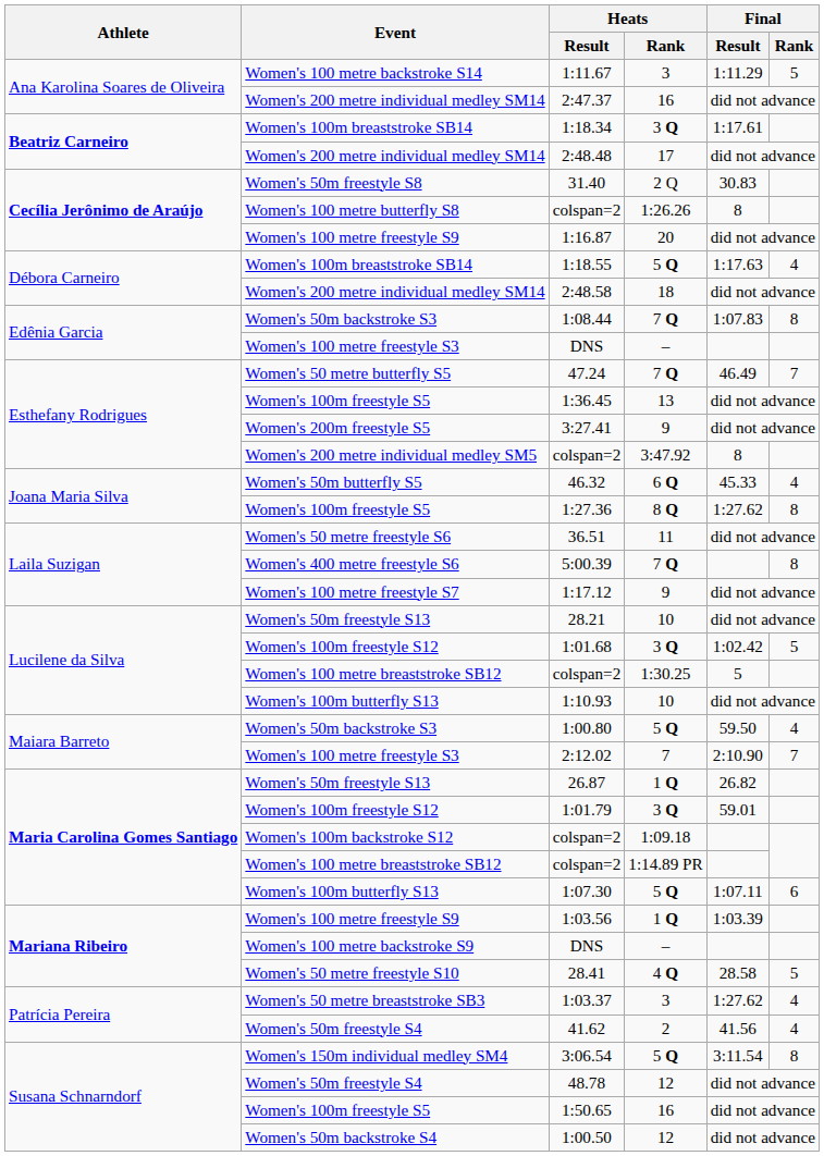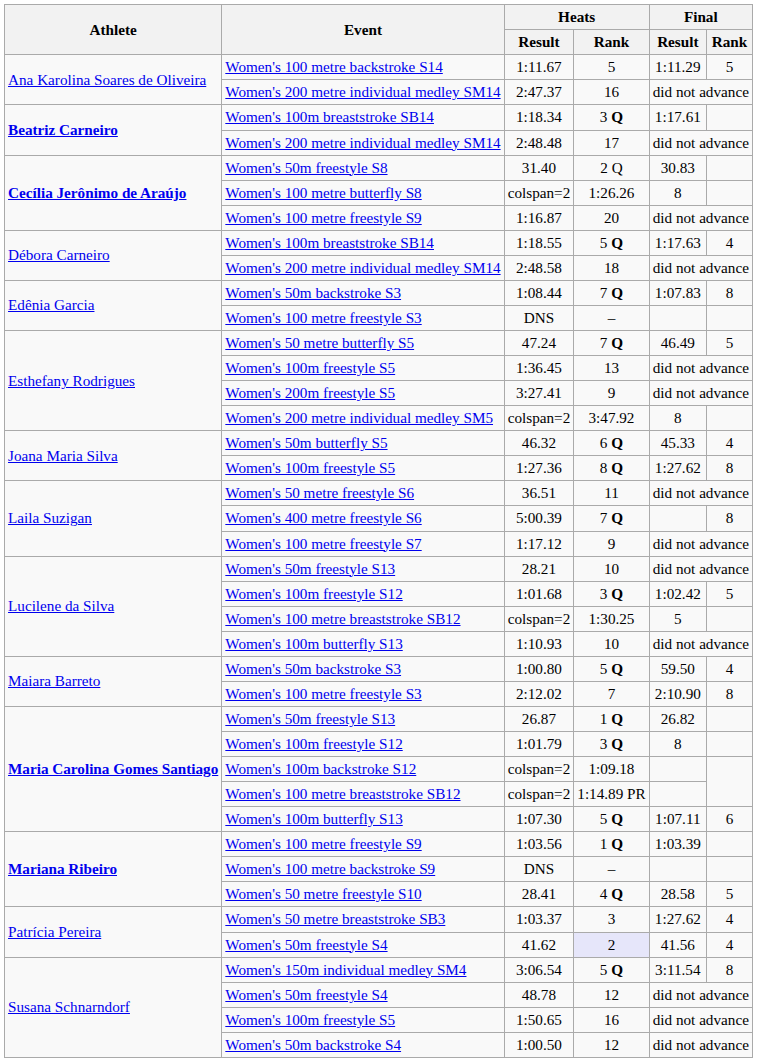 <table class=wikitable style="font-size:95%">
 <tr>
 <th rowspan="2">Athlete</th>
 <th rowspan="2">Event</th>
 <th colspan="2">Heats</th>
 <th colspan="2">Final</th>
 </tr>
 <tr>
 <th>Result</th>
 <th>Rank</th>
 <th>Result</th>
 <th>Rank</th>
 </tr>
 <tr align=center>
 <td rowspan=2 align=left><a href='#'>Ana Karolina Soares de Oliveira</a></td>
 <td align=left><a href='#'>Women's 100 metre backstroke S14</a></td>
 <td>1:11.67</td>
-<td>3</td>
+<td>5</td>
 <td>1:11.29</td>
 <td>5</td>
 </tr>
 <tr align=center>
 <td align=left><a href='#'>Women's 200 metre individual medley SM14</a></td>
 <td>2:47.37</td>
 <td>16</td>
 <td colspan=2>did not advance</td>
 </tr>
 <tr align=center>
 <td rowspan=2 align=left><strong><a href='#'>Beatriz Carneiro</a></strong></td>
 <td align=left><a href='#'>Women's 100m breaststroke SB14</a></td>
 <td>1:18.34</td>
 <td>3 <strong>Q</strong></td>
 <td>1:17.61</td>
 <td></td>
 </tr>
 <tr align=center>
 <td align=left><a href='#'>Women's 200 metre individual medley SM14</a></td>
 <td>2:48.48</td>
 <td>17</td>
 <td colspan=2>did not advance</td>
 </tr>
 <tr align=center>
 <td rowspan=3 align=left><strong><a href='#'>Cecília Jerônimo de Araújo</a></strong></td>
 <td align=left><a href='#'>Women's 50m freestyle S8</a></td>
 <td>31.40</td>
 <td>2 Q</td>
 <td>30.83</td>
 <td></td>
 </tr>
 <tr align=center>
 <td align=left><a href='#'>Women's 100 metre butterfly S8</a></td>
 <td>colspan=2 </td>
 <td>1:26.26</td>
 <td>8</td>
 </tr>
 <tr align=center>
 <td align=left><a href='#'>Women's 100 metre freestyle S9</a></td>
 <td>1:16.87</td>
 <td>20</td>
 <td colspan=2>did not advance</td>
 </tr>
 <tr align=center>
 <td rowspan=2 align=left><a href='#'>Débora Carneiro</a></td>
 <td align=left><a href='#'>Women's 100m breaststroke SB14</a></td>
 <td>1:18.55</td>
 <td>5 <strong>Q</strong></td>
 <td>1:17.63</td>
 <td>4</td>
 </tr>
 <tr align=center>
 <td align=left><a href='#'>Women's 200 metre individual medley SM14</a></td>
 <td>2:48.58</td>
 <td>18</td>
 <td colspan=2>did not advance</td>
 </tr>
 <tr align=center>
 <td rowspan=2 align=left><a href='#'>Edênia Garcia</a></td>
 <td align=left><a href='#'>Women's 50m backstroke S3</a></td>
 <td>1:08.44</td>
 <td>7 <strong>Q</strong></td>
 <td>1:07.83</td>
 <td>8</td>
 </tr>
 <tr align=center>
 <td align=left><a href='#'>Women's 100 metre freestyle S3</a></td>
 <td>DNS</td>
 <td>–</td>
 <td></td>
 <td></td>
 </tr>
 <tr align=center>
 <td rowspan=4 align=left><a href='#'>Esthefany Rodrigues</a></td>
 <td align=left><a href='#'>Women's 50 metre butterfly S5</a></td>
 <td>47.24</td>
 <td>7 <strong>Q</strong></td>
 <td>46.49</td>
-<td>7</td>
+<td>5</td>
 </tr>
 <tr align=center>
 <td align=left><a href='#'>Women's 100m freestyle S5</a></td>
 <td>1:36.45</td>
 <td>13</td>
 <td colspan=2>did not advance</td>
 </tr>
 <tr align=center>
 <td align=left><a href='#'>Women's 200m freestyle S5</a></td>
 <td>3:27.41</td>
 <td>9</td>
 <td colspan=2>did not advance</td>
 </tr>
 <tr align=center>
 <td align=left><a href='#'>Women's 200 metre individual medley SM5</a></td>
 <td>colspan=2 </td>
 <td>3:47.92</td>
 <td>8</td>
 </tr>
 <tr align=center>
 <td rowspan=2 align=left><a href='#'>Joana Maria Silva</a></td>
 <td align=left><a href='#'>Women's 50m butterfly S5</a></td>
 <td>46.32</td>
 <td>6 <strong>Q</strong></td>
 <td>45.33</td>
 <td>4</td>
 </tr>
 <tr align=center>
 <td align=left><a href='#'>Women's 100m freestyle S5</a></td>
 <td>1:27.36</td>
 <td>8 <strong>Q</strong></td>
 <td>1:27.62</td>
 <td>8</td>
 </tr>
 <tr align=center>
 <td rowspan=3 align=left><a href='#'>Laila Suzigan</a></td>
 <td align=left><a href='#'>Women's 50 metre freestyle S6</a></td>
 <td>36.51</td>
 <td>11</td>
 <td colspan=2>did not advance</td>
 </tr>
 <tr align=center>
 <td align=left><a href='#'>Women's 400 metre freestyle S6</a></td>
 <td>5:00.39</td>
 <td>7 <strong>Q</strong></td>
 <td></td>
 <td>8</td>
 </tr>
 <tr align=center>
 <td align=left><a href='#'>Women's 100 metre freestyle S7</a></td>
 <td>1:17.12</td>
 <td>9</td>
 <td colspan=2>did not advance</td>
 </tr>
 <tr align=center>
 <td rowspan=4 align=left><a href='#'>Lucilene da Silva</a></td>
 <td align=left><a href='#'>Women's 50m freestyle S13</a></td>
 <td>28.21</td>
 <td>10</td>
 <td colspan=2>did not advance</td>
 </tr>
 <tr align=center>
 <td align=left><a href='#'>Women's 100m freestyle S12</a></td>
 <td>1:01.68</td>
 <td>3 <strong>Q</strong></td>
 <td>1:02.42</td>
 <td>5</td>
 </tr>
 <tr align=center>
 <td align=left><a href='#'>Women's 100 metre breaststroke SB12</a></td>
 <td>colspan=2 </td>
 <td>1:30.25</td>
 <td>5</td>
 </tr>
 <tr align=center>
 <td align=left><a href='#'>Women's 100m butterfly S13</a></td>
 <td>1:10.93</td>
 <td>10</td>
 <td colspan=2>did not advance</td>
 </tr>
 <tr align=center>
 <td rowspan=2 align=left><a href='#'>Maiara Barreto</a></td>
 <td align=left><a href='#'>Women's 50m backstroke S3</a></td>
 <td>1:00.80</td>
 <td>5 <strong>Q</strong></td>
 <td>59.50</td>
 <td>4</td>
 </tr>
 <tr align=center>
 <td align=left><a href='#'>Women's 100 metre freestyle S3</a></td>
 <td>2:12.02</td>
 <td>7</td>
 <td>2:10.90</td>
-<td>7</td>
+<td>8</td>
 </tr>
 <tr align=center>
 <td rowspan=5 align=left><strong><a href='#'>Maria Carolina Gomes Santiago</a></strong></td>
 <td align=left><a href='#'>Women's 50m freestyle S13</a></td>
 <td>26.87</td>
 <td>1 <strong>Q</strong></td>
 <td>26.82</td>
 <td></td>
 </tr>
 <tr align=center>
 <td align=left><a href='#'>Women's 100m freestyle S12</a></td>
 <td>1:01.79</td>
 <td>3 <strong>Q</strong></td>
-<td>59.01</td>
+<td>8</td>
 <td></td>
 </tr>
 <tr align=center>
 <td align=left><a href='#'>Women's 100m backstroke S12</a></td>
 <td>colspan=2 </td>
 <td>1:09.18</td>
 <td></td>
 </tr>
 <tr align=center>
 <td align=left><a href='#'>Women's 100 metre breaststroke SB12</a></td>
 <td>colspan=2 </td>
 <td>1:14.89	PR</td>
 <td></td>
 </tr>
 <tr align=center>
 <td align=left><a href='#'>Women's 100m butterfly S13</a></td>
 <td>1:07.30</td>
 <td>5 <strong>Q</strong></td>
 <td>1:07.11</td>
 <td>6</td>
 </tr>
 <tr align=center>
 <td rowspan=3 align=left><strong><a href='#'>Mariana Ribeiro</a></strong></td>
 <td align=left><a href='#'>Women's 100 metre freestyle S9</a></td>
 <td>1:03.56</td>
 <td>1 <strong>Q</strong></td>
 <td>1:03.39</td>
 <td></td>
 </tr>
 <tr align=center>
 <td align=left><a href='#'>Women's 100 metre backstroke S9</a></td>
 <td>DNS</td>
 <td>–</td>
 <td></td>
 <td></td>
 </tr>
 <tr align=center>
 <td align=left><a href='#'>Women's 50 metre freestyle S10</a></td>
 <td>28.41</td>
 <td>4 <strong>Q</strong></td>
 <td>28.58</td>
 <td>5</td>
 </tr>
 <tr align=center>
 <td rowspan=2 align=left><a href='#'>Patrícia Pereira</a></td>
 <td align=left><a href='#'>Women's 50 metre breaststroke SB3</a></td>
 <td>1:03.37</td>
 <td>3</td>
 <td>1:27.62</td>
 <td>4</td>
 </tr>
 <tr align=center>
 <td align=left><a href='#'>Women's 50m freestyle S4</a></td>
 <td>41.62</td>
-<td>2</td>
+<td style="background: lavender;">2</td>
 <td>41.56</td>
 <td>4</td>
 </tr>
 <tr align=center>
 <td rowspan=4 align=left><a href='#'>Susana Schnarndorf</a></td>
 <td align=left><a href='#'>Women's 150m individual medley SM4</a></td>
 <td>3:06.54</td>
 <td>5 <strong>Q</strong></td>
 <td>3:11.54</td>
 <td>8</td>
 </tr>
 <tr align=center>
 <td align=left><a href='#'>Women's 50m freestyle S4</a></td>
 <td>48.78</td>
 <td>12</td>
 <td colspan=2>did not advance</td>
 </tr>
 <tr align=center>
 <td align=left><a href='#'>Women's 100m freestyle S5</a></td>
 <td>1:50.65</td>
 <td>16</td>
 <td colspan=2>did not advance</td>
 </tr>
 <tr align=center>
 <td align=left><a href='#'>Women's 50m backstroke S4</a></td>
 <td>1:00.50</td>
 <td>12</td>
 <td colspan=2>did not advance</td>
 </tr>
 </table>
